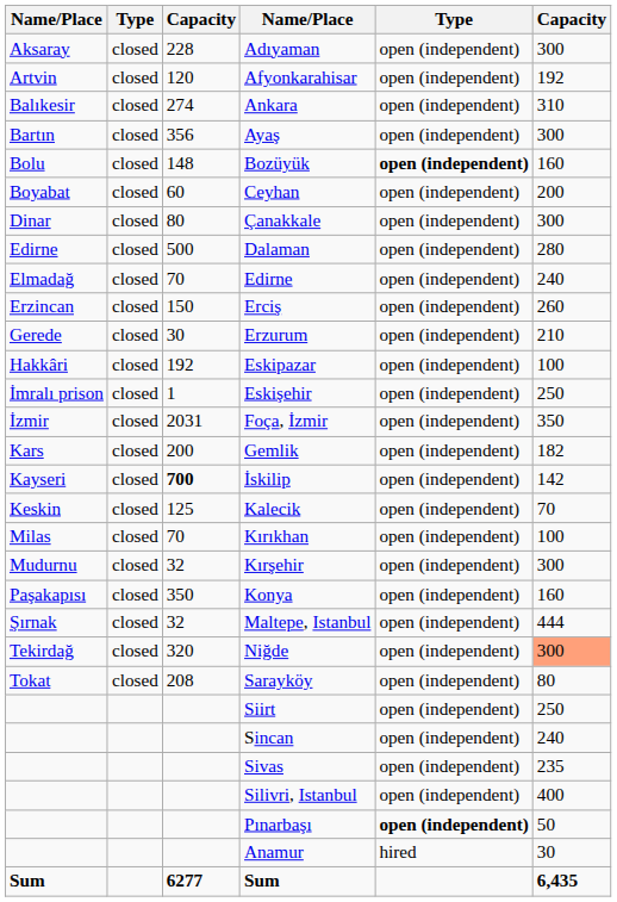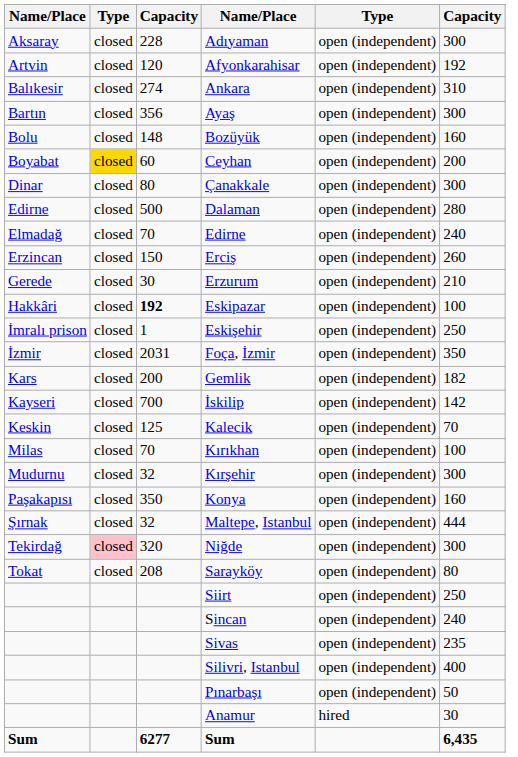 <table class="wikitable">
 <tr>
 <th>Name/Place</th>
 <th>Type</th>
 <th>Capacity</th>
 <th>Name/Place</th>
 <th>Type</th>
 <th>Capacity</th>
 </tr>
 <tr>
 <td><a href='#'>Aksaray</a></td>
 <td>closed</td>
 <td>228</td>
 <td><a href='#'>Adıyaman</a></td>
 <td>open (independent)</td>
 <td>300</td>
 </tr>
 <tr>
 <td><a href='#'>Artvin</a></td>
 <td>closed</td>
 <td>120</td>
 <td><a href='#'>Afyonkarahisar</a></td>
 <td>open (independent)</td>
 <td>192</td>
 </tr>
 <tr>
 <td><a href='#'>Balıkesir</a></td>
 <td>closed</td>
 <td>274</td>
 <td><a href='#'>Ankara</a></td>
 <td>open (independent)</td>
 <td>310</td>
 </tr>
 <tr>
 <td><a href='#'>Bartın</a></td>
 <td>closed</td>
 <td>356</td>
 <td><a href='#'>Ayaş</a></td>
 <td>open (independent)</td>
 <td>300</td>
 </tr>
 <tr>
 <td><a href='#'>Bolu</a></td>
 <td>closed</td>
 <td>148</td>
 <td><a href='#'>Bozüyük</a></td>
-<td><strong>open (independent)</strong></td>
+<td>open (independent)</td>
 <td>160</td>
 </tr>
 <tr>
 <td><a href='#'>Boyabat</a></td>
-<td>closed</td>
+<td style="background: gold;">closed</td>
 <td>60</td>
 <td><a href='#'>Ceyhan</a></td>
 <td>open (independent)</td>
 <td>200</td>
 </tr>
 <tr>
 <td><a href='#'>Dinar</a></td>
 <td>closed</td>
 <td>80</td>
 <td><a href='#'>Çanakkale</a></td>
 <td>open (independent)</td>
 <td>300</td>
 </tr>
 <tr>
 <td><a href='#'>Edirne</a></td>
 <td>closed</td>
 <td>500</td>
 <td><a href='#'>Dalaman</a></td>
 <td>open (independent)</td>
 <td>280</td>
 </tr>
 <tr>
 <td><a href='#'>Elmadağ</a></td>
 <td>closed</td>
 <td>70</td>
 <td><a href='#'>Edirne</a></td>
 <td>open (independent)</td>
 <td>240</td>
 </tr>
 <tr>
 <td><a href='#'>Erzincan</a></td>
 <td>closed</td>
 <td>150</td>
 <td><a href='#'>Erciş</a></td>
 <td>open (independent)</td>
 <td>260</td>
 </tr>
 <tr>
 <td><a href='#'>Gerede</a></td>
 <td>closed</td>
 <td>30</td>
 <td><a href='#'>Erzurum</a></td>
 <td>open (independent)</td>
 <td>210</td>
 </tr>
 <tr>
 <td><a href='#'>Hakkâri</a></td>
 <td>closed</td>
-<td>192</td>
+<td><strong>192</strong></td>
 <td><a href='#'>Eskipazar</a></td>
 <td>open (independent)</td>
 <td>100</td>
 </tr>
 <tr>
 <td><a href='#'>İmralı prison</a></td>
 <td>closed</td>
 <td>1</td>
 <td><a href='#'>Eskişehir</a></td>
 <td>open (independent)</td>
 <td>250</td>
 </tr>
 <tr>
 <td><a href='#'>İzmir</a></td>
 <td>closed</td>
 <td>2031</td>
 <td><a href='#'>Foça</a>, <a href='#'>İzmir</a></td>
 <td>open (independent)</td>
 <td>350</td>
 </tr>
 <tr>
 <td><a href='#'>Kars</a></td>
 <td>closed</td>
 <td>200</td>
 <td><a href='#'>Gemlik</a></td>
 <td>open (independent)</td>
 <td>182</td>
 </tr>
 <tr>
 <td><a href='#'>Kayseri</a></td>
 <td>closed</td>
-<td><strong>700</strong></td>
+<td>700</td>
 <td><a href='#'>İskilip</a></td>
 <td>open (independent)</td>
 <td>142</td>
 </tr>
 <tr>
 <td><a href='#'>Keskin</a></td>
 <td>closed</td>
 <td>125</td>
 <td><a href='#'>Kalecik</a></td>
 <td>open (independent)</td>
 <td>70</td>
 </tr>
 <tr>
 <td><a href='#'>Milas</a></td>
 <td>closed</td>
 <td>70</td>
 <td><a href='#'>Kırıkhan</a></td>
 <td>open (independent)</td>
 <td>100</td>
 </tr>
 <tr>
 <td><a href='#'>Mudurnu</a></td>
 <td>closed</td>
 <td>32</td>
 <td><a href='#'>Kırşehir</a></td>
 <td>open (independent)</td>
 <td>300</td>
 </tr>
 <tr>
 <td><a href='#'>Paşakapısı</a></td>
 <td>closed</td>
 <td>350</td>
 <td><a href='#'>Konya</a></td>
 <td>open (independent)</td>
 <td>160</td>
 </tr>
 <tr>
 <td><a href='#'>Şırnak</a></td>
 <td>closed</td>
 <td>32</td>
 <td><a href='#'>Maltepe</a>, <a href='#'>Istanbul</a></td>
 <td>open (independent)</td>
 <td>444</td>
 </tr>
 <tr>
 <td><a href='#'>Tekirdağ</a></td>
-<td>closed</td>
+<td style="background: pink;">closed</td>
 <td>320</td>
 <td><a href='#'>Niğde</a></td>
 <td>open (independent)</td>
-<td style="background: lightsalmon;">300</td>
+<td>300</td>
 </tr>
 <tr>
 <td><a href='#'>Tokat</a></td>
 <td>closed</td>
 <td>208</td>
 <td><a href='#'>Sarayköy</a></td>
 <td>open (independent)</td>
 <td>80</td>
 </tr>
 <tr>
 <td></td>
 <td></td>
 <td></td>
 <td><a href='#'>Siirt</a></td>
 <td>open (independent)</td>
 <td>250</td>
 </tr>
 <tr>
 <td></td>
 <td></td>
 <td></td>
 <td>S<a href='#'>incan</a></td>
 <td>open (independent)</td>
 <td>240</td>
 </tr>
 <tr>
 <td></td>
 <td></td>
 <td></td>
 <td><a href='#'>Sivas</a></td>
 <td>open (independent)</td>
 <td>235</td>
 </tr>
 <tr>
 <td></td>
 <td></td>
 <td></td>
 <td><a href='#'>Silivri</a>, <a href='#'>Istanbul</a></td>
 <td>open (independent)</td>
 <td>400</td>
 </tr>
 <tr>
 <td></td>
 <td></td>
 <td></td>
 <td><a href='#'>Pınarbaşı</a></td>
-<td><strong>open (independent)</strong></td>
+<td>open (independent)</td>
 <td>50</td>
 </tr>
 <tr>
 <td></td>
 <td></td>
 <td></td>
 <td><a href='#'>Anamur</a></td>
 <td>hired</td>
 <td>30</td>
 </tr>
 <tr>
 <td><strong>Sum</strong></td>
 <td></td>
 <td><strong>6277</strong></td>
 <td><strong>Sum</strong></td>
 <td></td>
 <td><strong>6,435</strong></td>
 </tr>
 </table>
